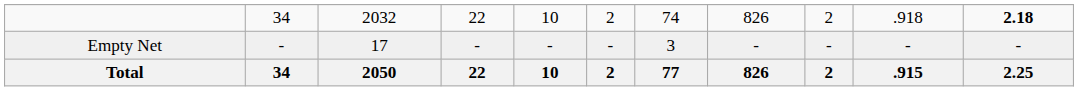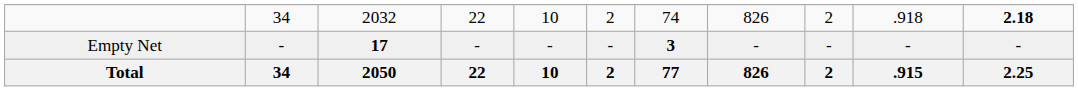 <table class="wikitable sortable" width ="1000">
 <tr align="center">
 </tr>
 <tr align="center" bgcolor="">
 <td></td>
 <td>34</td>
 <td>2032</td>
 <td>22</td>
 <td>10</td>
 <td>2</td>
 <td>74</td>
 <td>826</td>
 <td>2</td>
 <td>.918</td>
 <td><strong>2.18</strong></td>
 </tr>
 <tr align="center" bgcolor="f0f0f0">
 <td>Empty Net</td>
 <td>-</td>
-<td>17</td>
+<td><strong>17</strong></td>
 <td>-</td>
 <td>-</td>
 <td>-</td>
-<td>3</td>
+<td><strong>3</strong></td>
 <td>-</td>
 <td>-</td>
 <td>-</td>
 <td>-</td>
 </tr>
 <tr>
 <th>Total</th>
 <th>34</th>
 <th>2050</th>
 <th>22</th>
 <th>10</th>
 <th>2</th>
 <th>77</th>
 <th>826</th>
 <th>2</th>
 <th>.915</th>
 <th>2.25</th>
 </tr>
 </table>
